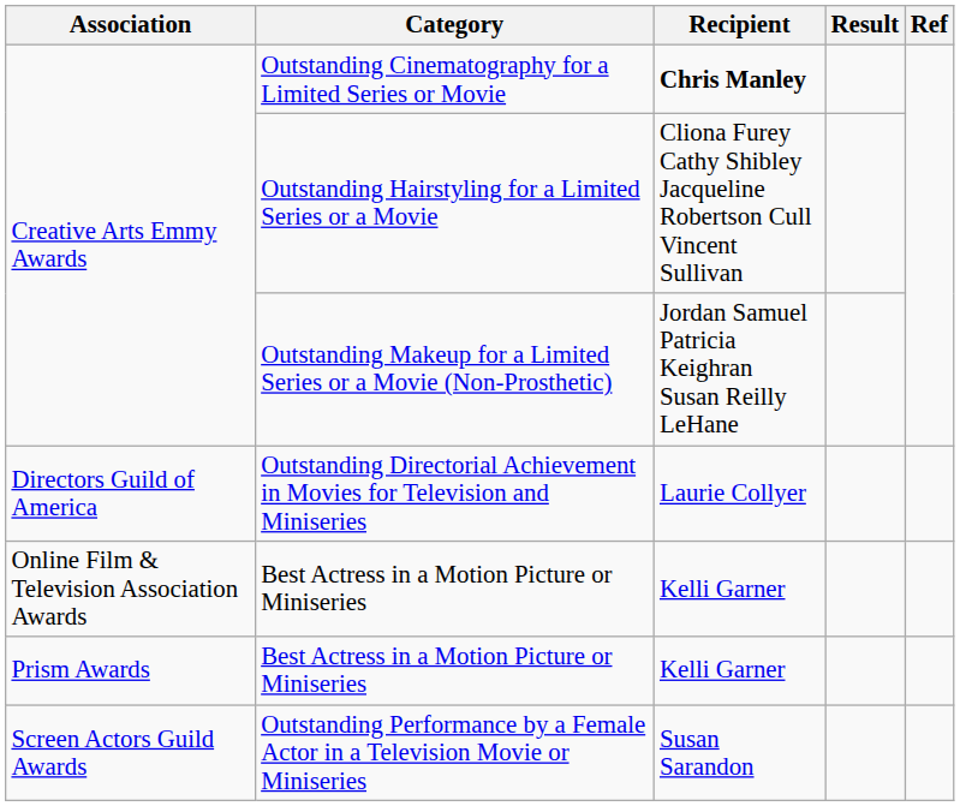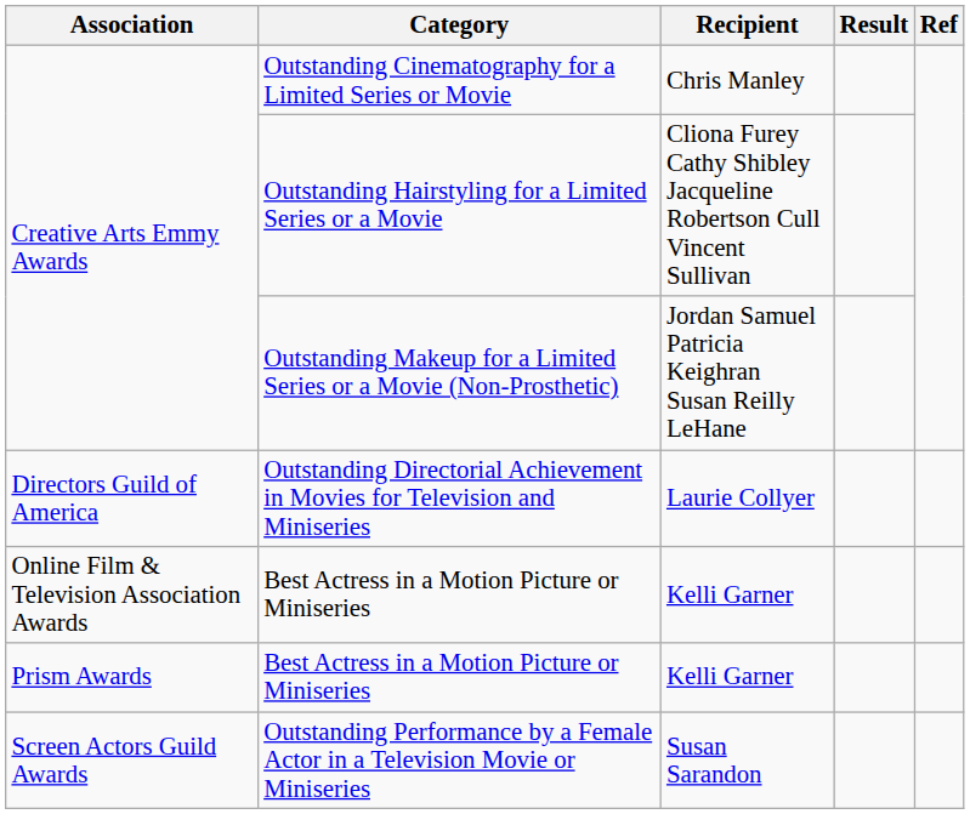 <table class="wikitable">
 <tr>
 <th>Association</th>
 <th>Category</th>
 <th>Recipient</th>
 <th>Result</th>
 <th>Ref</th>
 </tr>
 <tr>
 <td rowspan="3"><a href='#'>Creative Arts Emmy Awards</a></td>
 <td><a href='#'>Outstanding Cinematography for a Limited Series or Movie</a></td>
-<td><strong>Chris Manley</strong></td>
+<td>Chris Manley</td>
 <td></td>
 <td rowspan="3"></td>
 </tr>
 <tr>
 <td><a href='#'>Outstanding Hairstyling for a Limited Series or a Movie</a></td>
 <td>Cliona Furey<br>Cathy Shibley<br>Jacqueline Robertson Cull<br>Vincent Sullivan</td>
 <td></td>
 </tr>
 <tr>
 <td><a href='#'>Outstanding Makeup for a Limited Series or a Movie (Non-Prosthetic)</a></td>
 <td>Jordan Samuel<br>Patricia Keighran<br>Susan Reilly LeHane</td>
 <td></td>
 </tr>
 <tr>
 <td><a href='#'>Directors Guild of America</a></td>
 <td><a href='#'>Outstanding Directorial Achievement in Movies for Television and Miniseries</a></td>
 <td><a href='#'>Laurie Collyer</a></td>
 <td></td>
 <td></td>
 </tr>
 <tr>
 <td>Online Film & Television Association Awards</td>
 <td>Best Actress in a Motion Picture or Miniseries</td>
 <td><a href='#'>Kelli Garner</a></td>
 <td></td>
 <td></td>
 </tr>
 <tr>
 <td><a href='#'>Prism Awards</a></td>
 <td><a href='#'>Best Actress in a Motion Picture or Miniseries</a></td>
 <td><a href='#'>Kelli Garner</a></td>
 <td></td>
 <td></td>
 </tr>
 <tr>
 <td><a href='#'>Screen Actors Guild Awards</a></td>
 <td><a href='#'>Outstanding Performance by a Female Actor in a Television Movie or Miniseries</a></td>
 <td><a href='#'>Susan Sarandon</a></td>
 <td></td>
 <td></td>
 </tr>
 </table>
